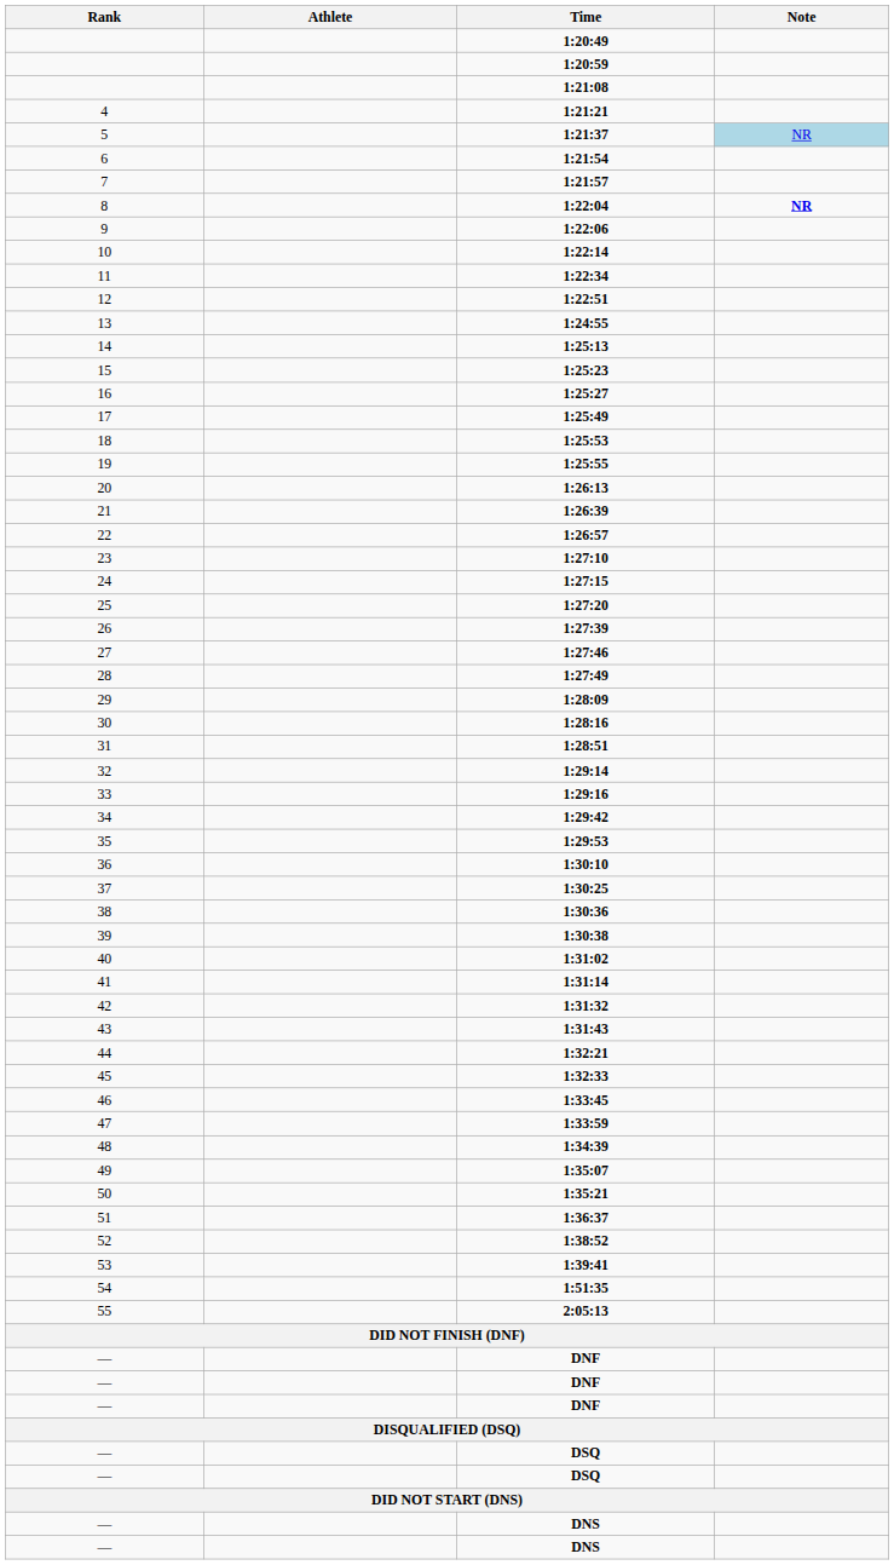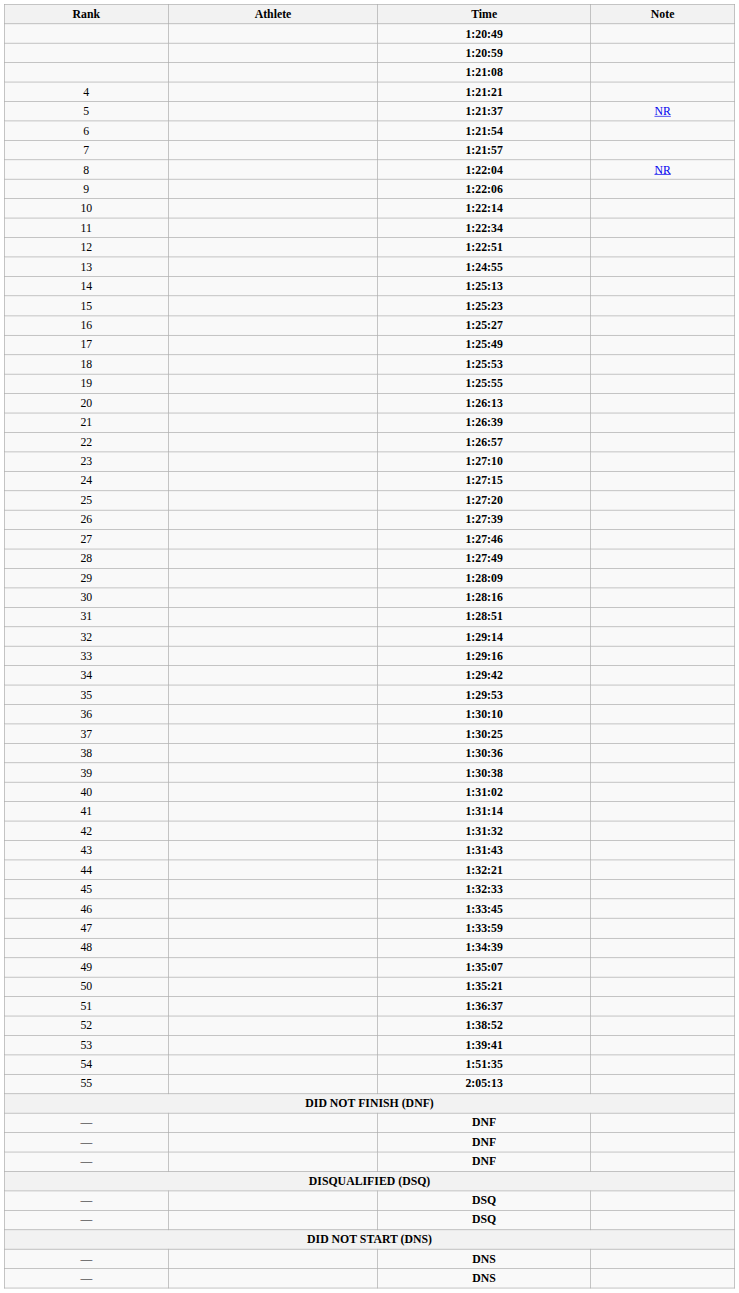 <table class="wikitable" style=" text-align:center; font-size:110%;" width="55%">
 <tr>
 <th>Rank</th>
 <th>Athlete</th>
 <th>Time</th>
 <th>Note</th>
 </tr>
 <tr>
 <td></td>
 <td align=left></td>
 <td><strong>1:20:49</strong></td>
 <td></td>
 </tr>
 <tr>
 <td></td>
 <td align=left></td>
 <td><strong>1:20:59</strong></td>
 <td></td>
 </tr>
 <tr>
 <td></td>
 <td align=left></td>
 <td><strong>1:21:08</strong></td>
 <td></td>
 </tr>
 <tr>
 <td>4</td>
 <td align=left></td>
 <td><strong>1:21:21</strong></td>
 <td></td>
 </tr>
 <tr>
 <td>5</td>
 <td align=left></td>
 <td><strong>1:21:37</strong></td>
-<td style="background: lightblue;"><a href='#'>NR</a></td>
+<td><a href='#'>NR</a></td>
 </tr>
 <tr>
 <td>6</td>
 <td align=left></td>
 <td><strong>1:21:54</strong></td>
 <td></td>
 </tr>
 <tr>
 <td>7</td>
 <td align=left></td>
 <td><strong>1:21:57</strong></td>
 <td></td>
 </tr>
 <tr>
 <td>8</td>
 <td align=left></td>
 <td><strong>1:22:04</strong></td>
-<td><strong><a href='#'>NR</a></strong></td>
+<td><a href='#'>NR</a></td>
 </tr>
 <tr>
 <td>9</td>
 <td align=left></td>
 <td><strong>1:22:06</strong></td>
 <td></td>
 </tr>
 <tr>
 <td>10</td>
 <td align=left></td>
 <td><strong>1:22:14</strong></td>
 <td></td>
 </tr>
 <tr>
 <td>11</td>
 <td align=left></td>
 <td><strong>1:22:34</strong></td>
 <td></td>
 </tr>
 <tr>
 <td>12</td>
 <td align=left></td>
 <td><strong>1:22:51</strong></td>
 <td></td>
 </tr>
 <tr>
 <td>13</td>
 <td align=left></td>
 <td><strong>1:24:55</strong></td>
 <td></td>
 </tr>
 <tr>
 <td>14</td>
 <td align=left></td>
 <td><strong>1:25:13</strong></td>
 <td></td>
 </tr>
 <tr>
 <td>15</td>
 <td align=left></td>
 <td><strong>1:25:23</strong></td>
 <td></td>
 </tr>
 <tr>
 <td>16</td>
 <td align=left></td>
 <td><strong>1:25:27</strong></td>
 <td></td>
 </tr>
 <tr>
 <td>17</td>
 <td align=left></td>
 <td><strong>1:25:49</strong></td>
 <td></td>
 </tr>
 <tr>
 <td>18</td>
 <td align=left></td>
 <td><strong>1:25:53</strong></td>
 <td></td>
 </tr>
 <tr>
 <td>19</td>
 <td align=left></td>
 <td><strong>1:25:55</strong></td>
 <td></td>
 </tr>
 <tr>
 <td>20</td>
 <td align=left></td>
 <td><strong>1:26:13</strong></td>
 <td></td>
 </tr>
 <tr>
 <td>21</td>
 <td align=left></td>
 <td><strong>1:26:39</strong></td>
 <td></td>
 </tr>
 <tr>
 <td>22</td>
 <td align=left></td>
 <td><strong>1:26:57</strong></td>
 <td></td>
 </tr>
 <tr>
 <td>23</td>
 <td align=left></td>
 <td><strong>1:27:10</strong></td>
 <td></td>
 </tr>
 <tr>
 <td>24</td>
 <td align=left></td>
 <td><strong>1:27:15</strong></td>
 <td></td>
 </tr>
 <tr>
 <td>25</td>
 <td align=left></td>
 <td><strong>1:27:20</strong></td>
 <td></td>
 </tr>
 <tr>
 <td>26</td>
 <td align=left></td>
 <td><strong>1:27:39</strong></td>
 <td></td>
 </tr>
 <tr>
 <td>27</td>
 <td align=left></td>
 <td><strong>1:27:46</strong></td>
 <td></td>
 </tr>
 <tr>
 <td>28</td>
 <td align=left></td>
 <td><strong>1:27:49</strong></td>
 <td></td>
 </tr>
 <tr>
 <td>29</td>
 <td align=left></td>
 <td><strong>1:28:09</strong></td>
 <td></td>
 </tr>
 <tr>
 <td>30</td>
 <td align=left></td>
 <td><strong>1:28:16</strong></td>
 <td></td>
 </tr>
 <tr>
 <td>31</td>
 <td align=left></td>
 <td><strong>1:28:51</strong></td>
 <td></td>
 </tr>
 <tr>
 <td>32</td>
 <td align=left></td>
 <td><strong>1:29:14</strong></td>
 <td></td>
 </tr>
 <tr>
 <td>33</td>
 <td align=left></td>
 <td><strong>1:29:16</strong></td>
 <td></td>
 </tr>
 <tr>
 <td>34</td>
 <td align=left></td>
 <td><strong>1:29:42</strong></td>
 <td></td>
 </tr>
 <tr>
 <td>35</td>
 <td align=left></td>
 <td><strong>1:29:53</strong></td>
 <td></td>
 </tr>
 <tr>
 <td>36</td>
 <td align=left></td>
 <td><strong>1:30:10</strong></td>
 <td></td>
 </tr>
 <tr>
 <td>37</td>
 <td align=left></td>
 <td><strong>1:30:25</strong></td>
 <td></td>
 </tr>
 <tr>
 <td>38</td>
 <td align=left></td>
 <td><strong>1:30:36</strong></td>
 <td></td>
 </tr>
 <tr>
 <td>39</td>
 <td align=left></td>
 <td><strong>1:30:38</strong></td>
 <td></td>
 </tr>
 <tr>
 <td>40</td>
 <td align=left></td>
 <td><strong>1:31:02</strong></td>
 <td></td>
 </tr>
 <tr>
 <td>41</td>
 <td align=left></td>
 <td><strong>1:31:14</strong></td>
 <td></td>
 </tr>
 <tr>
 <td>42</td>
 <td align=left></td>
 <td><strong>1:31:32</strong></td>
 <td></td>
 </tr>
 <tr>
 <td>43</td>
 <td align=left></td>
 <td><strong>1:31:43</strong></td>
 <td></td>
 </tr>
 <tr>
 <td>44</td>
 <td align=left></td>
 <td><strong>1:32:21</strong></td>
 <td></td>
 </tr>
 <tr>
 <td>45</td>
 <td align=left></td>
 <td><strong>1:32:33</strong></td>
 <td></td>
 </tr>
 <tr>
 <td>46</td>
 <td align=left></td>
 <td><strong>1:33:45</strong></td>
 <td></td>
 </tr>
 <tr>
 <td>47</td>
 <td align=left></td>
 <td><strong>1:33:59</strong></td>
 <td></td>
 </tr>
 <tr>
 <td>48</td>
 <td align=left></td>
 <td><strong>1:34:39</strong></td>
 <td></td>
 </tr>
 <tr>
 <td>49</td>
 <td align=left></td>
 <td><strong>1:35:07</strong></td>
 <td></td>
 </tr>
 <tr>
 <td>50</td>
 <td align=left></td>
 <td><strong>1:35:21</strong></td>
 <td></td>
 </tr>
 <tr>
 <td>51</td>
 <td align=left></td>
 <td><strong>1:36:37</strong></td>
 <td></td>
 </tr>
 <tr>
 <td>52</td>
 <td align=left></td>
 <td><strong>1:38:52</strong></td>
 <td></td>
 </tr>
 <tr>
 <td>53</td>
 <td align=left></td>
 <td><strong>1:39:41</strong></td>
 <td></td>
 </tr>
 <tr>
 <td>54</td>
 <td align=left></td>
 <td><strong>1:51:35</strong></td>
 <td></td>
 </tr>
 <tr>
 <td>55</td>
 <td align=left></td>
 <td><strong>2:05:13</strong></td>
 <td></td>
 </tr>
 <tr>
 <th colspan="4">DID NOT FINISH (DNF)</th>
 </tr>
 <tr>
 <td>—</td>
 <td align=left></td>
 <td><strong>DNF</strong></td>
 <td></td>
 </tr>
 <tr>
 <td>—</td>
 <td align=left></td>
 <td><strong>DNF</strong></td>
 <td></td>
 </tr>
 <tr>
 <td>—</td>
 <td align=left></td>
 <td><strong>DNF</strong></td>
 <td></td>
 </tr>
 <tr>
 <th colspan="4">DISQUALIFIED (DSQ)</th>
 </tr>
 <tr>
 <td>—</td>
 <td align=left></td>
 <td><strong>DSQ</strong></td>
 <td></td>
 </tr>
 <tr>
 <td>—</td>
 <td align=left></td>
 <td><strong>DSQ</strong></td>
 <td></td>
 </tr>
 <tr>
 <th colspan="4">DID NOT START (DNS)</th>
 </tr>
 <tr>
 <td>—</td>
 <td align=left></td>
 <td><strong>DNS</strong></td>
 <td></td>
 </tr>
 <tr>
 <td>—</td>
 <td align=left></td>
 <td><strong>DNS</strong></td>
 <td></td>
 </tr>
 </table>
